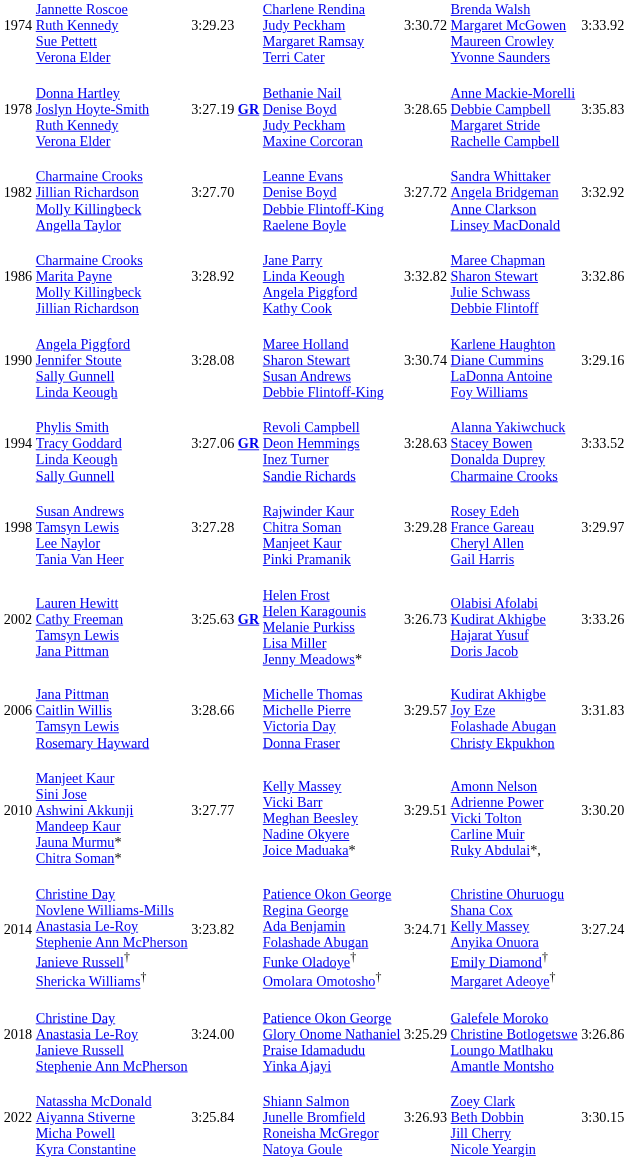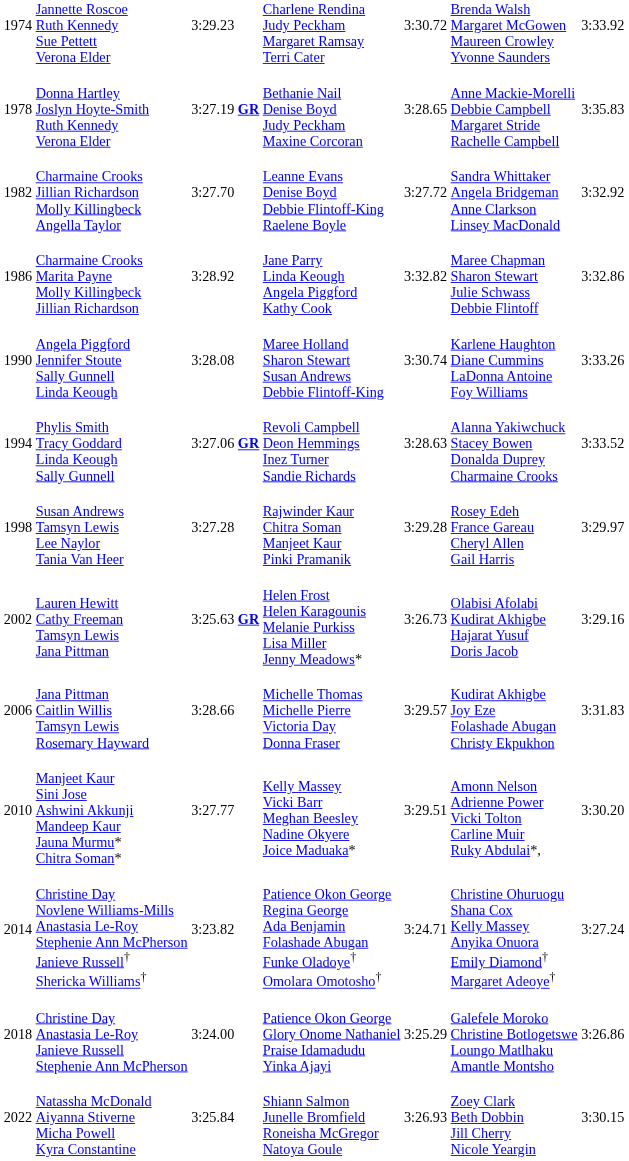 <table>
 <tr>
 <td>1974</td>
 <td><br><a href='#'>Jannette Roscoe</a><br><a href='#'>Ruth Kennedy</a><br><a href='#'>Sue Pettett</a><br><a href='#'>Verona Elder</a></td>
 <td>3:29.23</td>
 <td><br><a href='#'>Charlene Rendina</a><br><a href='#'>Judy Peckham</a><br><a href='#'>Margaret Ramsay</a><br><a href='#'>Terri Cater</a></td>
 <td>3:30.72</td>
 <td><br><a href='#'>Brenda Walsh</a><br><a href='#'>Margaret McGowen</a><br><a href='#'>Maureen Crowley</a><br><a href='#'>Yvonne Saunders</a></td>
 <td>3:33.92</td>
 </tr>
 <tr>
 <td>1978</td>
 <td><br><a href='#'>Donna Hartley</a><br><a href='#'>Joslyn Hoyte-Smith</a><br><a href='#'>Ruth Kennedy</a><br><a href='#'>Verona Elder</a></td>
 <td>3:27.19 <strong><a href='#'>GR</a></strong></td>
 <td><br><a href='#'>Bethanie Nail</a><br><a href='#'>Denise Boyd</a><br><a href='#'>Judy Peckham</a><br><a href='#'>Maxine Corcoran</a></td>
 <td>3:28.65</td>
 <td><br><a href='#'>Anne Mackie-Morelli</a><br><a href='#'>Debbie Campbell</a><br><a href='#'>Margaret Stride</a><br><a href='#'>Rachelle Campbell</a></td>
 <td>3:35.83</td>
 </tr>
 <tr>
 <td>1982</td>
 <td><br><a href='#'>Charmaine Crooks</a><br><a href='#'>Jillian Richardson</a><br><a href='#'>Molly Killingbeck</a><br><a href='#'>Angella Taylor</a></td>
 <td>3:27.70</td>
 <td><br><a href='#'>Leanne Evans</a><br><a href='#'>Denise Boyd</a><br><a href='#'>Debbie Flintoff-King</a><br><a href='#'>Raelene Boyle</a></td>
 <td>3:27.72</td>
 <td><br><a href='#'>Sandra Whittaker</a><br><a href='#'>Angela Bridgeman</a><br><a href='#'>Anne Clarkson</a><br><a href='#'>Linsey MacDonald</a></td>
 <td>3:32.92</td>
 </tr>
 <tr>
 <td>1986</td>
 <td><br><a href='#'>Charmaine Crooks</a><br><a href='#'>Marita Payne</a><br><a href='#'>Molly Killingbeck</a><br><a href='#'>Jillian Richardson</a></td>
 <td>3:28.92</td>
 <td><br><a href='#'>Jane Parry</a><br><a href='#'>Linda Keough</a><br><a href='#'>Angela Piggford</a><br><a href='#'>Kathy Cook</a></td>
 <td>3:32.82</td>
 <td><br><a href='#'>Maree Chapman</a><br><a href='#'>Sharon Stewart</a><br><a href='#'>Julie Schwass</a><br><a href='#'>Debbie Flintoff</a></td>
 <td>3:32.86</td>
 </tr>
 <tr>
 <td>1990</td>
 <td><br><a href='#'>Angela Piggford</a><br><a href='#'>Jennifer Stoute</a><br><a href='#'>Sally Gunnell</a><br><a href='#'>Linda Keough</a></td>
 <td>3:28.08</td>
 <td><br><a href='#'>Maree Holland</a><br><a href='#'>Sharon Stewart</a><br><a href='#'>Susan Andrews</a><br><a href='#'>Debbie Flintoff-King</a></td>
 <td>3:30.74</td>
 <td><br><a href='#'>Karlene Haughton</a><br><a href='#'>Diane Cummins</a><br><a href='#'>LaDonna Antoine</a><br><a href='#'>Foy Williams</a></td>
-<td>3:29.16</td>
+<td>3:33.26</td>
 </tr>
 <tr>
 <td>1994</td>
 <td><br><a href='#'>Phylis Smith</a><br><a href='#'>Tracy Goddard</a><br><a href='#'>Linda Keough</a><br><a href='#'>Sally Gunnell</a></td>
 <td>3:27.06 <strong><a href='#'>GR</a></strong></td>
 <td><br><a href='#'>Revoli Campbell</a><br><a href='#'>Deon Hemmings</a><br><a href='#'>Inez Turner</a><br><a href='#'>Sandie Richards</a></td>
 <td>3:28.63</td>
 <td><br><a href='#'>Alanna Yakiwchuck</a><br><a href='#'>Stacey Bowen</a><br><a href='#'>Donalda Duprey</a><br><a href='#'>Charmaine Crooks</a></td>
 <td>3:33.52</td>
 </tr>
 <tr>
 <td>1998</td>
 <td><br><a href='#'>Susan Andrews</a><br><a href='#'>Tamsyn Lewis</a><br><a href='#'>Lee Naylor</a><br><a href='#'>Tania Van Heer</a></td>
 <td>3:27.28</td>
 <td><br><a href='#'>Rajwinder Kaur</a><br><a href='#'>Chitra Soman</a><br><a href='#'>Manjeet Kaur</a><br><a href='#'>Pinki Pramanik</a></td>
 <td>3:29.28</td>
 <td><br><a href='#'>Rosey Edeh</a><br><a href='#'>France Gareau</a><br><a href='#'>Cheryl Allen</a><br><a href='#'>Gail Harris</a></td>
 <td>3:29.97</td>
 </tr>
 <tr>
 <td>2002<br></td>
 <td><br><a href='#'>Lauren Hewitt</a><br><a href='#'>Cathy Freeman</a><br><a href='#'>Tamsyn Lewis</a><br><a href='#'>Jana Pittman</a></td>
 <td>3:25.63 <strong><a href='#'>GR</a></strong></td>
 <td><br><a href='#'>Helen Frost</a><br><a href='#'>Helen Karagounis</a><br><a href='#'>Melanie Purkiss</a><br><a href='#'>Lisa Miller</a><br><a href='#'>Jenny Meadows</a>*</td>
 <td>3:26.73</td>
 <td><br><a href='#'>Olabisi Afolabi</a><br><a href='#'>Kudirat Akhigbe</a><br><a href='#'>Hajarat Yusuf</a><br><a href='#'>Doris Jacob</a></td>
-<td>3:33.26</td>
+<td>3:29.16</td>
 </tr>
 <tr>
 <td>2006<br></td>
 <td><br><a href='#'>Jana Pittman</a><br><a href='#'>Caitlin Willis</a><br><a href='#'>Tamsyn Lewis</a><br><a href='#'>Rosemary Hayward</a></td>
 <td>3:28.66</td>
 <td><br><a href='#'>Michelle Thomas</a><br><a href='#'>Michelle Pierre</a><br><a href='#'>Victoria Day</a><br><a href='#'>Donna Fraser</a></td>
 <td>3:29.57</td>
 <td><br><a href='#'>Kudirat Akhigbe</a><br><a href='#'>Joy Eze</a><br><a href='#'>Folashade Abugan</a><br><a href='#'>Christy Ekpukhon</a></td>
 <td>3:31.83</td>
 </tr>
 <tr>
 <td>2010<br> </td>
 <td><br><a href='#'>Manjeet Kaur</a><br><a href='#'>Sini Jose</a><br><a href='#'>Ashwini Akkunji</a><br><a href='#'>Mandeep Kaur</a><br><a href='#'>Jauna Murmu</a>*<br><a href='#'>Chitra Soman</a>*</td>
 <td>3:27.77</td>
 <td><br><a href='#'>Kelly Massey</a><br><a href='#'>Vicki Barr</a><br><a href='#'>Meghan Beesley</a><br><a href='#'>Nadine Okyere</a><br><a href='#'>Joice Maduaka</a>*</td>
 <td>3:29.51</td>
 <td><br><a href='#'>Amonn Nelson</a><br><a href='#'>Adrienne Power</a><br><a href='#'>Vicki Tolton</a><br><a href='#'>Carline Muir</a> <br> <a href='#'>Ruky Abdulai</a>*,</td>
 <td>3:30.20</td>
 </tr>
 <tr>
 <td>2014<br> </td>
 <td><br><a href='#'>Christine Day</a><br><a href='#'>Novlene Williams-Mills</a><br><a href='#'>Anastasia Le-Roy</a><br><a href='#'>Stephenie Ann McPherson</a><br><a href='#'>Janieve Russell</a><sup>†</sup><br><a href='#'>Shericka Williams</a><sup>†</sup></td>
 <td>3:23.82 </td>
 <td><br><a href='#'>Patience Okon George</a><br><a href='#'>Regina George</a><br><a href='#'>Ada Benjamin</a><br><a href='#'>Folashade Abugan</a><br><a href='#'>Funke Oladoye</a><sup>†</sup><br><a href='#'>Omolara Omotosho</a><sup>†</sup></td>
 <td>3:24.71</td>
 <td><br><a href='#'>Christine Ohuruogu</a><br><a href='#'>Shana Cox</a><br><a href='#'>Kelly Massey</a><br><a href='#'>Anyika Onuora</a><br><a href='#'>Emily Diamond</a><sup>†</sup><br><a href='#'>Margaret Adeoye</a><sup>†</sup></td>
 <td>3:27.24</td>
 </tr>
 <tr>
 <td>2018<br> </td>
 <td><br><a href='#'>Christine Day</a><br><a href='#'>Anastasia Le-Roy</a><br><a href='#'>Janieve Russell</a><br><a href='#'>Stephenie Ann McPherson</a></td>
 <td>3:24.00</td>
 <td><br><a href='#'>Patience Okon George</a><br><a href='#'>Glory Onome Nathaniel</a><br><a href='#'>Praise Idamadudu</a><br><a href='#'>Yinka Ajayi</a></td>
 <td>3:25.29</td>
 <td><br><a href='#'>Galefele Moroko</a><br><a href='#'>Christine Botlogetswe</a><br><a href='#'>Loungo Matlhaku</a><br><a href='#'>Amantle Montsho</a></td>
 <td>3:26.86</td>
 </tr>
 <tr>
 <td>2022<br> </td>
 <td><br><a href='#'>Natassha McDonald</a><br><a href='#'>Aiyanna Stiverne</a><br><a href='#'>Micha Powell</a><br><a href='#'>Kyra Constantine</a></td>
 <td>3:25.84</td>
 <td><br><a href='#'>Shiann Salmon</a><br><a href='#'>Junelle Bromfield</a><br><a href='#'>Roneisha McGregor</a><br><a href='#'>Natoya Goule</a></td>
 <td>3:26.93</td>
 <td><br><a href='#'>Zoey Clark</a><br><a href='#'>Beth Dobbin</a><br><a href='#'>Jill Cherry</a><br><a href='#'>Nicole Yeargin</a></td>
 <td>3:30.15</td>
 </tr>
 </table>
